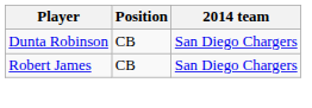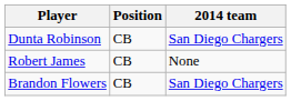 <table class="wikitable sortable">
 <tr>
 <th>Player</th>
 <th>Position</th>
 <th>2014 team</th>
 </tr>
 <tr>
 <td><a href='#'>Dunta Robinson</a></td>
 <td>CB</td>
 <td><a href='#'>San Diego Chargers</a></td>
 </tr>
 <tr>
 <td><a href='#'>Robert James</a></td>
 <td>CB</td>
+<td>None</td>
+</tr>
+<tr>
+<td><a href='#'>Brandon Flowers</a></td>
+<td>CB</td>
 <td><a href='#'>San Diego Chargers</a></td>
 </tr>
 </table>
